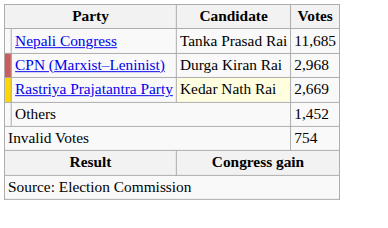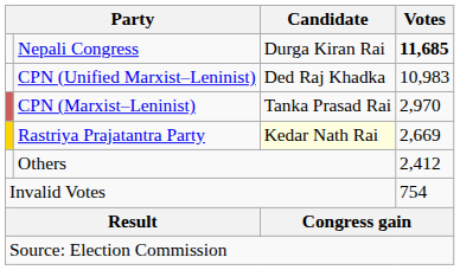 <table class="wikitable">
 <tr>
 <th colspan="2">Party</th>
 <th>Candidate</th>
 <th>Votes</th>
 </tr>
 <tr>
 <td style="background-color:"></td>
 <td><a href='#'>Nepali Congress</a></td>
-<td>Tanka Prasad Rai</td>
-<td>11,685</td>
+<td>Durga Kiran Rai</td>
+<td><strong>11,685</strong></td>
+</tr>
+<tr>
+<td style="background-color:"></td>
+<td><a href='#'>CPN (Unified Marxist–Leninist)</a></td>
+<td>Ded Raj Khadka</td>
+<td>10,983</td>
 </tr>
 <tr>
 <td style="background-color:indianred"></td>
 <td><a href='#'>CPN (Marxist–Leninist)</a></td>
-<td>Durga Kiran Rai</td>
-<td>2,968</td>
+<td>Tanka Prasad Rai</td>
+<td>2,970</td>
 </tr>
 <tr>
 <td style="background-color:gold"></td>
 <td><a href='#'>Rastriya Prajatantra Party</a></td>
 <td style="background: lightyellow;">Kedar Nath Rai</td>
 <td>2,669</td>
 </tr>
 <tr>
 <td></td>
 <td colspan="2">Others</td>
-<td>1,452</td>
+<td>2,412</td>
 </tr>
 <tr>
 <td colspan="3">Invalid Votes</td>
 <td>754</td>
 </tr>
 <tr>
 <th colspan="2">Result</th>
 <th colspan="2">Congress gain</th>
 </tr>
 <tr>
 <td colspan="4">Source: Election Commission</td>
 </tr>
 </table>
